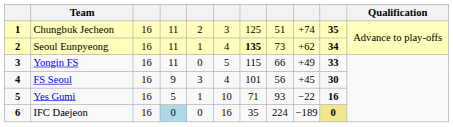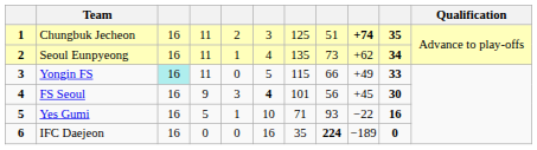 <table class="wikitable" style="text-align:center">
 <tr>
 <th width=6%></th>
 <th width=23%>Team</th>
 <th width=6%></th>
 <th width=6%></th>
 <th width=6%></th>
 <th width=6%></th>
 <th width=6%></th>
 <th width=6%></th>
 <th width=6%></th>
 <th width=6%></th>
 <th width=23%>Qualification</th>
 </tr>
 <tr style="background:#ffffbb">
 <td><strong>1</strong></td>
 <td align="left">Chungbuk Jecheon</td>
 <td>16</td>
 <td>11</td>
 <td>2</td>
 <td>3</td>
 <td>125</td>
 <td>51</td>
-<td>+74</td>
+<td><strong>+74</strong></td>
 <td><strong>35</strong></td>
 <td rowspan="2">Advance to play-offs</td>
 </tr>
 <tr style="background:#ffffbb">
 <td><strong>2</strong></td>
 <td align="left">Seoul Eunpyeong</td>
 <td>16</td>
 <td>11</td>
 <td>1</td>
 <td>4</td>
-<td><strong>135</strong></td>
+<td>135</td>
 <td>73</td>
 <td>+62</td>
 <td><strong>34</strong></td>
 </tr>
 <tr>
 <td><strong>3</strong></td>
 <td align="left"><a href='#'>Yongin FS</a></td>
-<td>16</td>
+<td style="background: paleturquoise;">16</td>
 <td>11</td>
 <td>0</td>
 <td>5</td>
 <td>115</td>
 <td>66</td>
 <td>+49</td>
 <td><strong>33</strong></td>
 </tr>
 <tr>
 <td><strong>4</strong></td>
 <td align="left"><a href='#'>FS Seoul</a></td>
 <td>16</td>
 <td>9</td>
 <td>3</td>
-<td>4</td>
+<td><strong>4</strong></td>
 <td>101</td>
 <td>56</td>
 <td>+45</td>
 <td><strong>30</strong></td>
 </tr>
 <tr>
 <td><strong>5</strong></td>
 <td align="left"><a href='#'>Yes Gumi</a></td>
 <td>16</td>
 <td>5</td>
 <td>1</td>
 <td>10</td>
 <td>71</td>
 <td>93</td>
 <td>−22</td>
 <td><strong>16</strong></td>
 </tr>
 <tr>
 <td><strong>6</strong></td>
 <td align="left">IFC Daejeon</td>
 <td>16</td>
-<td style="background: lightblue;">0</td>
+<td>0</td>
 <td>0</td>
 <td>16</td>
 <td>35</td>
-<td>224</td>
+<td><strong>224</strong></td>
 <td>−189</td>
-<td style="background: khaki;"><strong>0</strong></td>
+<td><strong>0</strong></td>
 </tr>
 </table>
